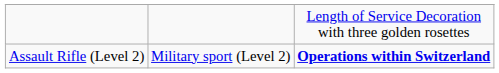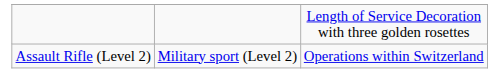 <table class="wikitable" style="margin:1em auto; text-align:center;">
 <tr>
 </tr>
 <tr>
 <td></td>
 <td></td>
 <td><a href='#'>Length of Service Decoration</a><br>with three golden rosettes</td>
 </tr>
 <tr>
 <td><a href='#'>Assault Rifle</a> (Level 2)</td>
 <td><a href='#'>Military sport</a> (Level 2)</td>
-<td><strong><a href='#'>Operations within Switzerland</a></strong></td>
+<td><a href='#'>Operations within Switzerland</a></td>
 </tr>
 </table>
